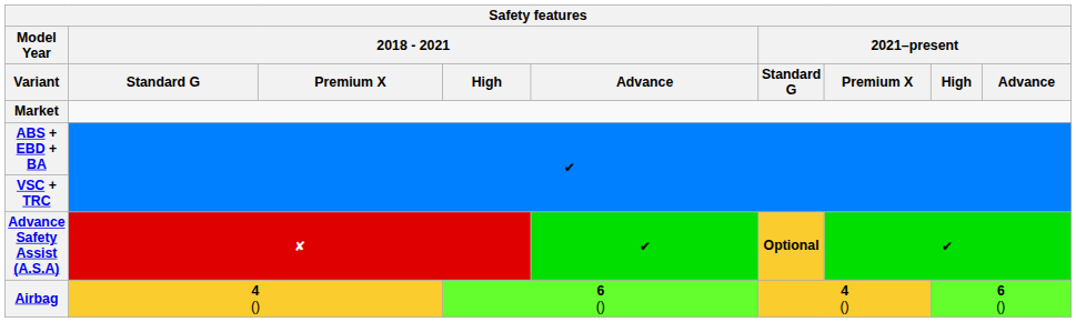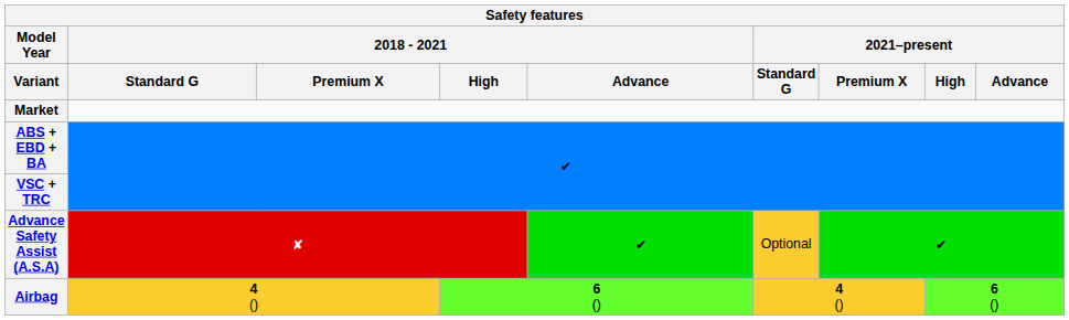 <table class="wikitable" align="center">
 <tr>
 <th colspan="9" align="center">Safety features </th>
 </tr>
 <tr>
 <th>Model Year</th>
 <th colspan="4">2018 - 2021</th>
 <th colspan="4">2021–present</th>
 </tr>
 <tr>
 <th colspan="1" scope="col">Variant</th>
 <th colspan="1" scope="col">Standard G</th>
 <th colspan="1" scope="col">Premium X</th>
 <th colspan="1" scope="col">High</th>
 <th colspan="1" scope="col">Advance</th>
 <th colspan="1">Standard G</th>
 <th colspan="1">Premium X</th>
 <th colspan="1">High</th>
 <th colspan="1">Advance</th>
 </tr>
 <tr>
 <th>Market</th>
 <td colspan="8" align="center"></td>
 </tr>
 <tr>
 <th><a href='#'>ABS</a> + <a href='#'>EBD</a> + <a href='#'>BA</a></th>
 <td colspan="8" rowspan="2" style="background:  #0080FF; color: black" align="center">✔</td>
 </tr>
 <tr>
 <th><a href='#'>VSC</a> + <a href='#'>TRC</a></th>
 </tr>
 <tr>
 <th><a href='#'>Advance Safety Assist (A.S.A)</a></th>
 <td colspan="3" style="background: #DF0101; color: white; width:50%;" align="center">✘</td>
 <td colspan="1" style="background: #01DF01; color: black; width:25%;" align="center">✔</td>
-<td style="background: #FACC2E; color: black" align="center"><strong>Optional</strong></td>
+<td style="background: #FACC2E; color: black" align="center">Optional</td>
 <td colspan="3" style="background: #01DF01; color: black; width:25%;" align="center">✔</td>
 </tr>
 <tr>
 <th><a href='#'>Airbag</a></th>
 <td colspan="2" style="background: #FACC2E; color: black" align="center"><strong>4</strong><br>()</td>
 <td colspan="2" style="background: #64FE2E; color: black" align="center"><strong>6</strong><br>()</td>
 <td colspan="2" style="background: #FACC2E; color: black" align="center"><strong>4</strong><br>()</td>
 <td colspan="2" style="background: #64FE2E; color: black" align="center"><strong>6</strong><br>()</td>
 </tr>
 </table>
